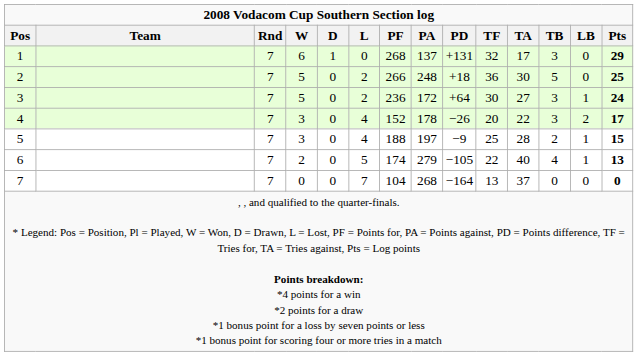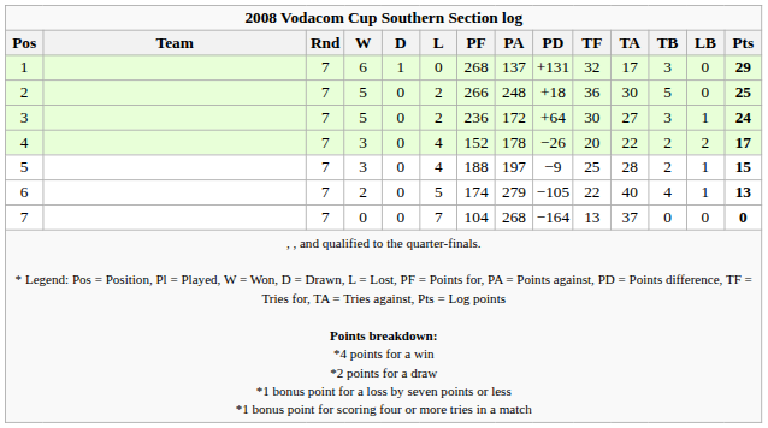 <table class="wikitable" style="text-align:center; line-height:110%; font-size:100%; width:60%;">
 <tr>
 <td colspan="14" cellpadding="0" cellspacing="0"><strong>2008 Vodacom Cup Southern Section log</strong></td>
 </tr>
 <tr>
 <th style="width:5%;">Pos</th>
 <th style="width:35%;">Team</th>
 <th style="width:5%;">Rnd</th>
 <th style="width:5%;">W</th>
 <th style="width:5%;">D</th>
 <th style="width:5%;">L</th>
 <th style="width:5%;">PF</th>
 <th style="width:5%;">PA</th>
 <th style="width:5%;">PD</th>
 <th style="width:5%;">TF</th>
 <th style="width:5%;">TA</th>
 <th style="width:5%;">TB</th>
 <th style="width:5%;">LB</th>
 <th style="width:5%;">Pts<br></th>
 </tr>
 <tr bgcolor=#E8FFD8 align=center>
 <td>1</td>
 <td align=left></td>
 <td>7</td>
 <td>6</td>
 <td>1</td>
 <td>0</td>
 <td>268</td>
 <td>137</td>
 <td>+131</td>
 <td>32</td>
 <td>17</td>
 <td>3</td>
 <td>0</td>
 <td><strong>29</strong></td>
 </tr>
 <tr bgcolor=#E8FFD8 align=center>
 <td>2</td>
 <td align=left></td>
 <td>7</td>
 <td>5</td>
 <td>0</td>
 <td>2</td>
 <td>266</td>
 <td>248</td>
 <td>+18</td>
 <td>36</td>
 <td>30</td>
 <td>5</td>
 <td>0</td>
 <td><strong>25</strong></td>
 </tr>
 <tr bgcolor=#E8FFD8 align=center>
 <td>3</td>
 <td align=left></td>
 <td>7</td>
 <td>5</td>
 <td>0</td>
 <td>2</td>
 <td>236</td>
 <td>172</td>
 <td>+64</td>
 <td>30</td>
 <td>27</td>
 <td>3</td>
 <td>1</td>
 <td><strong>24</strong></td>
 </tr>
 <tr bgcolor=#E8FFD8 align=center>
 <td>4</td>
 <td align=left></td>
 <td>7</td>
 <td>3</td>
 <td>0</td>
 <td>4</td>
 <td>152</td>
 <td>178</td>
 <td>−26</td>
 <td>20</td>
 <td>22</td>
-<td>3</td>
+<td>2</td>
 <td>2</td>
 <td><strong>17</strong></td>
 </tr>
 <tr bgcolor=#FFFFFF align=center>
 <td>5</td>
 <td align=left></td>
 <td>7</td>
 <td>3</td>
 <td>0</td>
 <td>4</td>
 <td>188</td>
 <td>197</td>
 <td>−9</td>
 <td>25</td>
 <td>28</td>
 <td>2</td>
 <td>1</td>
 <td><strong>15</strong></td>
 </tr>
 <tr bgcolor=#FFFFFF align=center>
 <td>6</td>
 <td align=left></td>
 <td>7</td>
 <td>2</td>
 <td>0</td>
 <td>5</td>
 <td>174</td>
 <td>279</td>
 <td>−105</td>
 <td>22</td>
 <td>40</td>
 <td>4</td>
 <td>1</td>
 <td><strong>13</strong></td>
 </tr>
 <tr bgcolor=#FFFFFF align=center>
 <td>7</td>
 <td align=left></td>
 <td>7</td>
 <td>0</td>
 <td>0</td>
 <td>7</td>
 <td>104</td>
 <td>268</td>
 <td>−164</td>
 <td>13</td>
 <td>37</td>
 <td>0</td>
 <td>0</td>
 <td><strong>0</strong></td>
 </tr>
 <tr>
 <td colspan="14" style="border:0px"><small>, ,  and  qualified to the quarter-finals.<br><br>* Legend: Pos = Position, Pl = Played, W = Won, D = Drawn, L = Lost, PF = Points for, PA = Points against, PD = Points difference, TF = Tries for, TA = Tries against, Pts = Log points<br><br><strong>Points breakdown:</strong><br>*4 points for a win<br>*2 points for a draw<br>*1 bonus point for a loss by seven points or less<br>*1 bonus point for scoring four or more tries in a match</small></td>
 </tr>
 </table>
